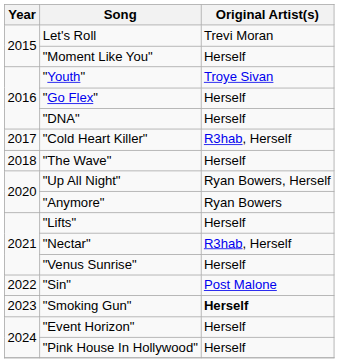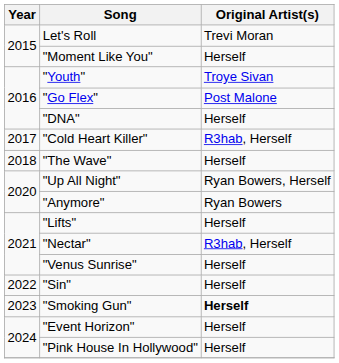 <table class="wikitable sortable">
 <tr>
 <th>Year</th>
 <th>Song</th>
 <th>Original Artist(s)</th>
 </tr>
 <tr>
 <td rowspan="2">2015</td>
 <td>Let's Roll</td>
 <td>Trevi Moran</td>
 </tr>
 <tr>
 <td>"Moment Like You"</td>
 <td>Herself</td>
 </tr>
 <tr>
 <td rowspan="3">2016</td>
 <td>"<a href='#'>Youth</a>"</td>
 <td><a href='#'>Troye Sivan</a></td>
 </tr>
 <tr>
 <td>"<a href='#'>Go Flex</a>"</td>
-<td>Herself</td>
+<td><a href='#'>Post Malone</a></td>
 </tr>
 <tr>
 <td>"DNA"</td>
 <td>Herself</td>
 </tr>
 <tr>
 <td rowspan="1">2017</td>
 <td>"Cold Heart Killer"</td>
 <td><a href='#'>R3hab</a>, Herself</td>
 </tr>
 <tr>
 <td rowspan="1">2018</td>
 <td>"The Wave"</td>
 <td>Herself</td>
 </tr>
 <tr>
 <td rowspan="2">2020</td>
 <td>"Up All Night"</td>
 <td>Ryan Bowers, Herself</td>
 </tr>
 <tr>
 <td>"Anymore"</td>
 <td>Ryan Bowers</td>
 </tr>
 <tr>
 <td rowspan="3">2021</td>
 <td>"Lifts"</td>
 <td>Herself</td>
 </tr>
 <tr>
 <td>"Nectar"</td>
 <td><a href='#'>R3hab</a>, Herself</td>
 </tr>
 <tr>
 <td>"Venus Sunrise"</td>
 <td>Herself</td>
 </tr>
 <tr>
 <td rowspan="1">2022</td>
 <td>"Sin"</td>
-<td><a href='#'>Post Malone</a></td>
+<td>Herself</td>
 </tr>
 <tr>
 <td rowspan="1'">2023</td>
 <td>"Smoking Gun"</td>
 <td><strong>Herself</strong></td>
 </tr>
 <tr>
 <td rowspan="2">2024</td>
 <td>"Event Horizon"</td>
 <td>Herself</td>
 </tr>
 <tr>
 <td>"Pink House In Hollywood"</td>
 <td>Herself</td>
 </tr>
 <tr>
 </tr>
 </table>
